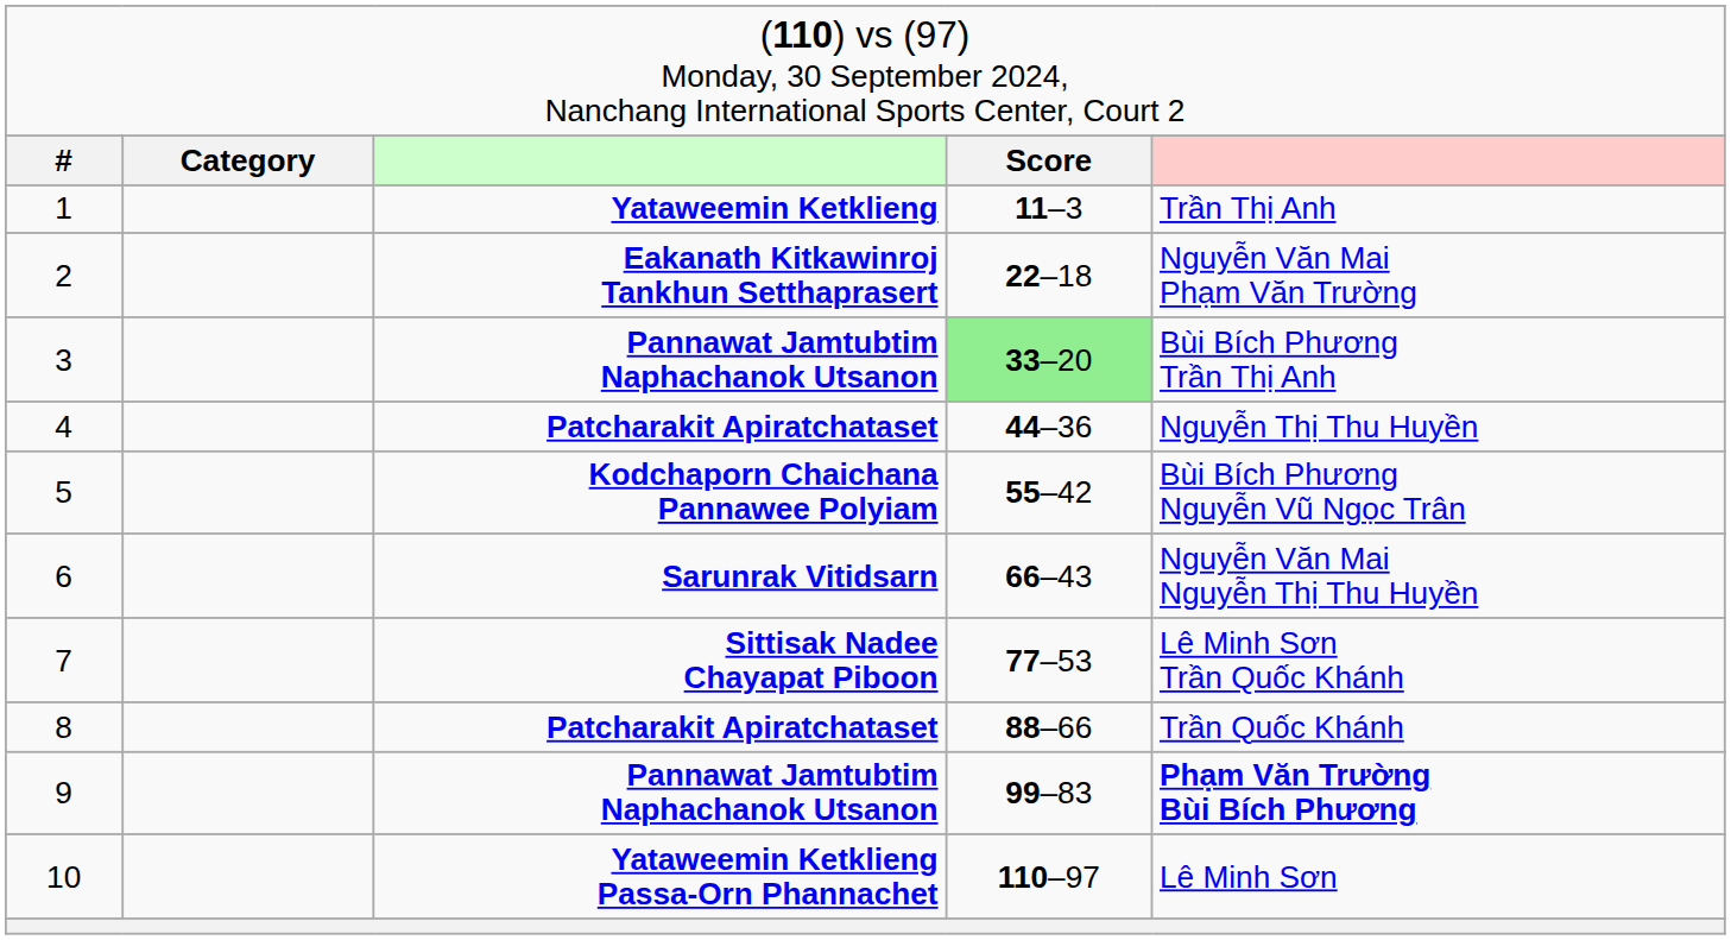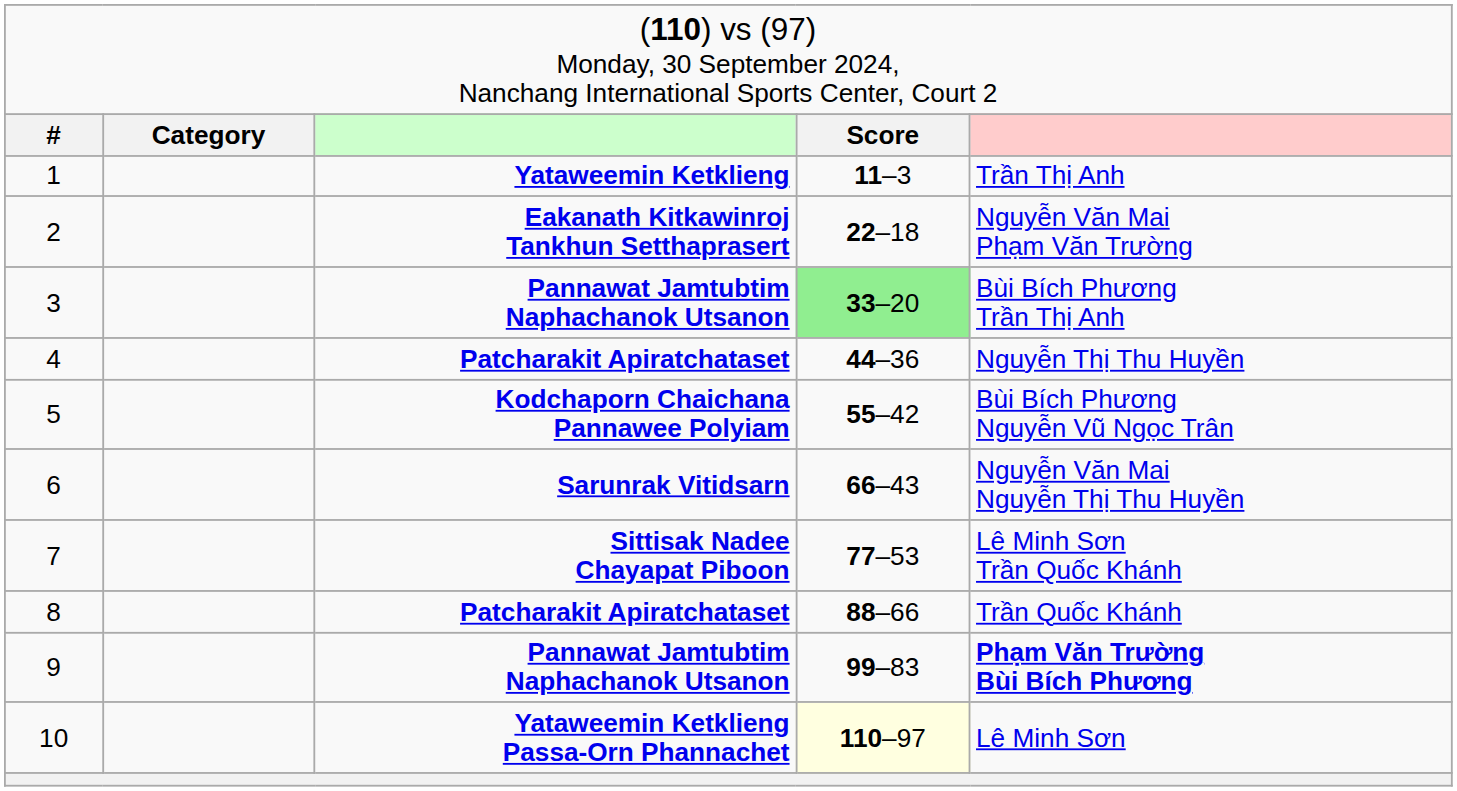 <table class="wikitable mw-collapsible mw-collapsed" style="font-size:90%; text-align:center" width="90%">
 <tr>
 <td colspan="5"><big>(<strong>110</strong>) <strong></strong> vs  (97)</big><br>Monday, 30 September 2024, <br>Nanchang International Sports Center, Court 2</td>
 </tr>
 <tr>
 <th width="25">#</th>
 <th width="50">Category</th>
 <th style="background-color:#CCFFCC" width="150"></th>
 <th width="50">Score<br></th>
 <th style="background-color:#FFCCCC" width="150"></th>
 </tr>
 <tr>
 <td>1</td>
 <td></td>
 <td align="right"><strong><a href='#'>Yataweemin Ketklieng</a> </strong></td>
 <td><strong>11</strong>–3<br></td>
 <td align="left"> <a href='#'>Trần Thị Anh</a></td>
 </tr>
 <tr>
 <td>2</td>
 <td></td>
 <td align="right"><strong><a href='#'>Eakanath Kitkawinroj</a> <br><a href='#'>Tankhun Setthaprasert</a> </strong></td>
 <td><strong>22</strong>–18<br></td>
 <td align="left"> <a href='#'>Nguyễn Văn Mai</a><br> <a href='#'>Phạm Văn Trường</a></td>
 </tr>
 <tr>
 <td>3</td>
 <td></td>
 <td align="right"><strong><a href='#'>Pannawat Jamtubtim</a> <br><a href='#'>Naphachanok Utsanon</a> </strong></td>
 <td style="background: lightgreen;"><strong>33</strong>–20<br></td>
 <td align="left"> <a href='#'>Bùi Bích Phương</a><br> <a href='#'>Trần Thị Anh</a></td>
 </tr>
 <tr>
 <td>4</td>
 <td></td>
 <td align="right"><strong><a href='#'>Patcharakit Apiratchataset</a> </strong></td>
 <td><strong>44</strong>–36<br></td>
 <td align="left"> <a href='#'>Nguyễn Thị Thu Huyền</a></td>
 </tr>
 <tr>
 <td>5</td>
 <td></td>
 <td align="right"><strong><a href='#'>Kodchaporn Chaichana</a> <br><a href='#'>Pannawee Polyiam</a> </strong></td>
 <td><strong>55</strong>–42<br></td>
 <td align="left"> <a href='#'>Bùi Bích Phương</a><br> <a href='#'>Nguyễn Vũ Ngọc Trân</a></td>
 </tr>
 <tr>
 <td>6</td>
 <td></td>
 <td align="right"><strong><a href='#'>Sarunrak Vitidsarn</a> </strong></td>
 <td><strong>66</strong>–43<br></td>
 <td align="left"> <a href='#'>Nguyễn Văn Mai</a><br> <a href='#'>Nguyễn Thị Thu Huyền</a></td>
 </tr>
 <tr>
 <td>7</td>
 <td></td>
 <td align="right"><strong><a href='#'>Sittisak Nadee</a> <br><a href='#'>Chayapat Piboon</a> </strong></td>
 <td><strong>77</strong>–53<br></td>
 <td align="left"> <a href='#'>Lê Minh Sơn</a><br> <a href='#'>Trần Quốc Khánh</a></td>
 </tr>
 <tr>
 <td>8</td>
 <td></td>
 <td align="right"><strong><a href='#'>Patcharakit Apiratchataset</a> </strong></td>
 <td><strong>88</strong>–66<br></td>
 <td align="left"> <a href='#'>Trần Quốc Khánh</a></td>
 </tr>
 <tr>
 <td>9</td>
 <td></td>
 <td align="right"><strong><a href='#'>Pannawat Jamtubtim</a> <br><a href='#'>Naphachanok Utsanon</a> </strong></td>
 <td><strong>99</strong>–83<br></td>
 <td align="left"><strong> <a href='#'>Phạm Văn Trường</a><br> <a href='#'>Bùi Bích Phương</a></strong></td>
 </tr>
 <tr>
 <td>10</td>
 <td></td>
 <td align="right"><strong><a href='#'>Yataweemin Ketklieng</a> <br><a href='#'>Passa-Orn Phannachet</a> </strong></td>
-<td><strong>110</strong>–97<br></td>
+<td style="background: lightyellow;"><strong>110</strong>–97<br></td>
 <td align="left"> <a href='#'>Lê Minh Sơn</a></td>
 </tr>
 <tr>
 <th colspan="5"></th>
 </tr>
 </table>
